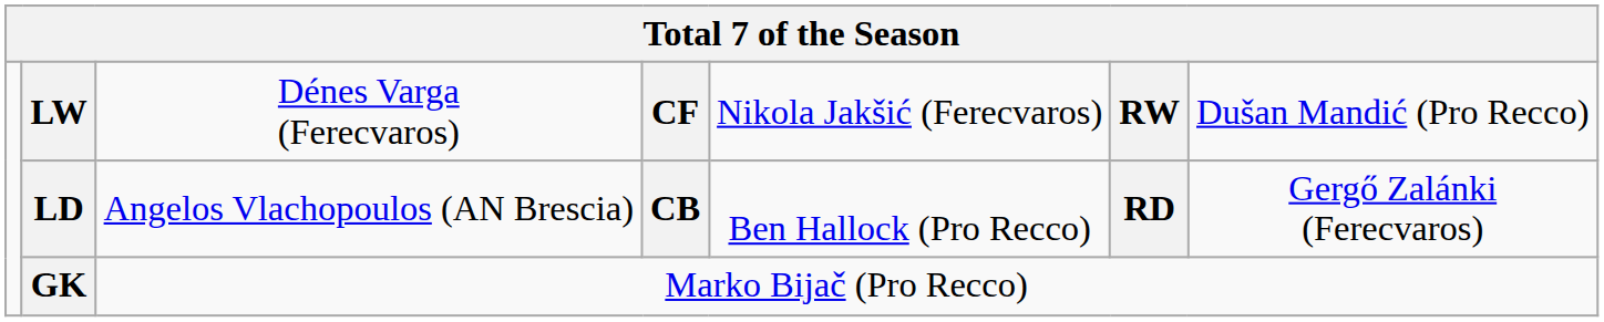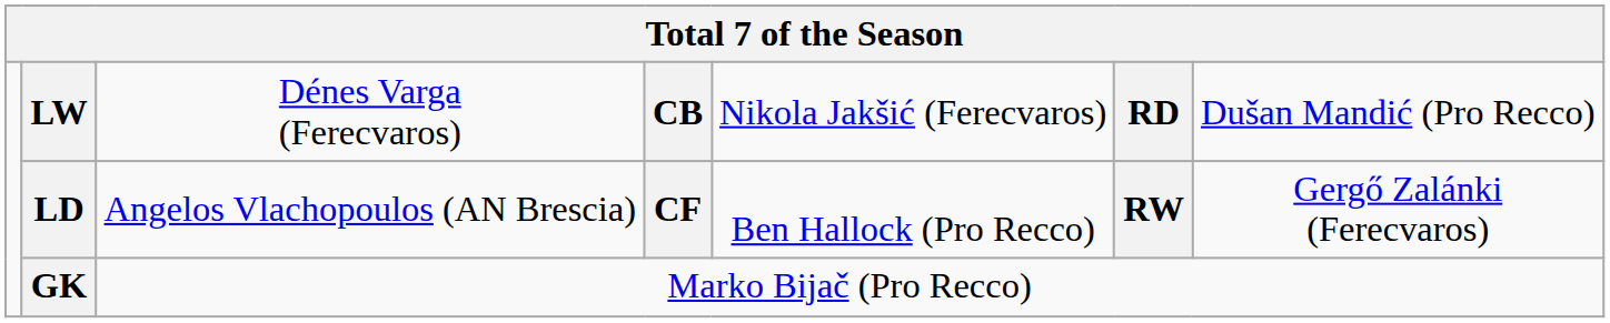 <table class="wikitable" style="text-align:center">
 <tr>
 <th colspan="7">Total 7 of the Season</th>
 </tr>
 <tr>
 <td rowspan="3"></td>
 <th>LW</th>
 <td> <a href='#'>Dénes Varga</a><br>(Ferecvaros)</td>
-<th>CF</th>
+<th>CB</th>
 <td> <a href='#'>Nikola Jakšić</a> (Ferecvaros)</td>
-<th>RW</th>
+<th>RD</th>
 <td> <a href='#'>Dušan Mandić</a> (Pro Recco)</td>
 </tr>
 <tr>
 <th>LD</th>
 <td> <a href='#'>Angelos Vlachopoulos</a> (AN Brescia)</td>
-<th>CB</th>
+<th>CF</th>
 <td><br><a href='#'>Ben Hallock</a> (Pro Recco)</td>
-<th>RD</th>
+<th>RW</th>
 <td> <a href='#'>Gergő Zalánki</a><br>(Ferecvaros)</td>
 </tr>
 <tr>
 <th>GK</th>
 <td colspan="5"> <a href='#'>Marko Bijač</a> (Pro Recco)</td>
 </tr>
 </table>
